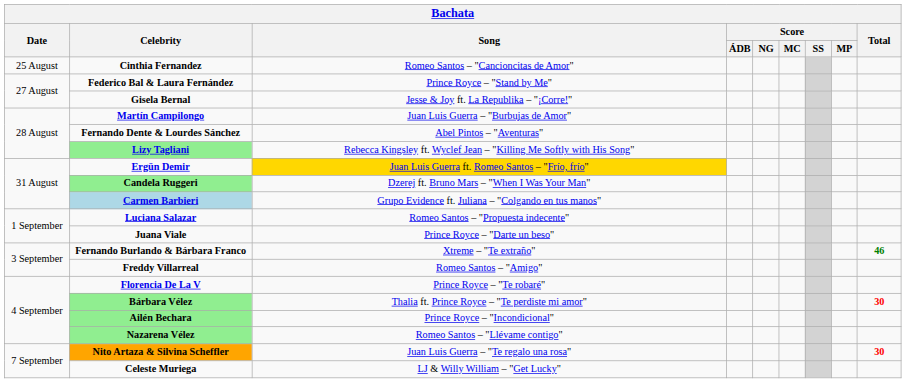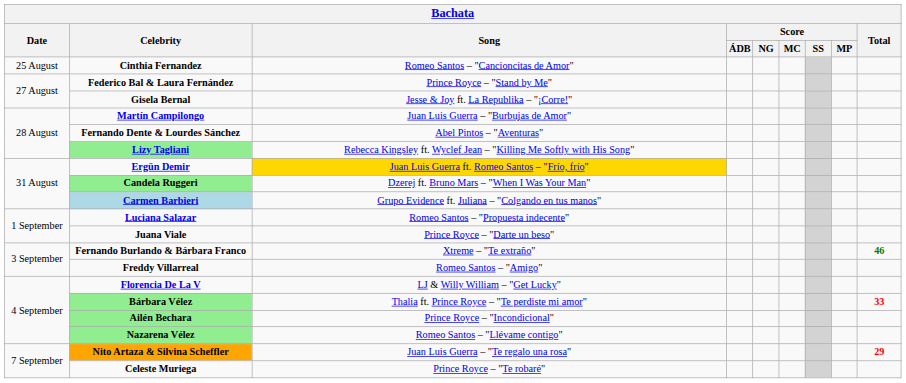 <table class="wikitable collapsible collapsed" style="font-size:90%; text-align: center; width: 100%;">
 <tr>
 <th colspan="11" style="with: 95%;" align=center><big><a href='#'>Bachata</a></big></th>
 </tr>
 <tr>
 <th width=85 rowspan="2">Date</th>
 <th width=250 rowspan="2">Celebrity</th>
 <th rowspan="2">Song</th>
 <th colspan="5">Score</th>
 <th rowspan="2">Total</th>
 </tr>
 <tr>
 <th width=30>ÁDB</th>
 <th width=30>NG</th>
 <th width=30>MC</th>
 <th width=30>SS</th>
 <th width=30>MP</th>
 </tr>
 <tr>
 <td rowspan=1>25 August</td>
 <td><strong>Cinthia Fernandez</strong></td>
 <td><a href='#'>Romeo Santos</a> – "<a href='#'>Cancioncitas de Amor</a>"</td>
 <td></td>
 <td></td>
 <td></td>
 <td bgcolor="lightgray"></td>
 <td></td>
 <td></td>
 </tr>
 <tr>
 <td rowspan=2>27 August</td>
 <td><strong>Federico Bal & Laura Fernández</strong></td>
 <td><a href='#'>Prince Royce</a> – "<a href='#'>Stand by Me</a>"</td>
 <td></td>
 <td></td>
 <td></td>
 <td bgcolor="lightgray"></td>
 <td></td>
 <td></td>
 </tr>
 <tr>
 <td><strong>Gisela Bernal</strong></td>
 <td><a href='#'>Jesse & Joy</a> ft. <a href='#'>La Republika</a> – "<a href='#'>¡Corre!</a>"</td>
 <td></td>
 <td></td>
 <td></td>
 <td bgcolor="lightgray"></td>
 <td></td>
 <td></td>
 </tr>
 <tr>
 <td rowspan=3>28 August</td>
 <td><strong><a href='#'>Martín Campilongo</a></strong></td>
 <td><a href='#'>Juan Luis Guerra</a> – "<a href='#'>Burbujas de Amor</a>"</td>
 <td></td>
 <td></td>
 <td></td>
 <td bgcolor="lightgray"></td>
 <td></td>
 <td></td>
 </tr>
 <tr>
 <td><strong>Fernando Dente & Lourdes Sánchez</strong></td>
 <td><a href='#'>Abel Pintos</a> – "<a href='#'>Aventuras</a>"</td>
 <td></td>
 <td></td>
 <td></td>
 <td bgcolor="lightgray"></td>
 <td></td>
 <td></td>
 </tr>
 <tr>
 <td style="background:lightgreen;"><strong><a href='#'>Lizy Tagliani</a></strong></td>
 <td><a href='#'>Rebecca Kingsley</a> ft. <a href='#'>Wyclef Jean</a> – "<a href='#'>Killing Me Softly with His Song</a>"</td>
 <td></td>
 <td></td>
 <td></td>
 <td bgcolor="lightgray"></td>
 <td></td>
 <td></td>
 </tr>
 <tr>
 <td rowspan=3>31 August</td>
 <td><strong><a href='#'>Ergün Demir</a></strong></td>
 <td style="background: gold;"><a href='#'>Juan Luis Guerra</a> ft. <a href='#'>Romeo Santos</a> – "<a href='#'>Frío, frío</a>"</td>
 <td></td>
 <td></td>
 <td></td>
 <td bgcolor="lightgray"></td>
 <td></td>
 <td></td>
 </tr>
 <tr>
 <td style="background:lightgreen;"><strong>Candela Ruggeri</strong></td>
 <td><a href='#'>Dzerej</a> ft. <a href='#'>Bruno Mars</a> – "<a href='#'>When I Was Your Man</a>"</td>
 <td></td>
 <td></td>
 <td></td>
 <td bgcolor="lightgray"></td>
 <td></td>
 <td></td>
 </tr>
 <tr>
 <td style="background:lightblue;"><strong><a href='#'>Carmen Barbieri</a></strong></td>
 <td><a href='#'>Grupo Evidence</a> ft. <a href='#'>Juliana</a> – "<a href='#'>Colgando en tus manos</a>"</td>
 <td></td>
 <td></td>
 <td></td>
 <td bgcolor="lightgray"></td>
 <td></td>
 <td></td>
 </tr>
 <tr>
 <td rowspan=2>1 September</td>
 <td><strong><a href='#'>Luciana Salazar</a></strong></td>
 <td><a href='#'>Romeo Santos</a> – "<a href='#'>Propuesta indecente</a>"</td>
 <td></td>
 <td></td>
 <td></td>
 <td bgcolor="lightgray"></td>
 <td></td>
 <td></td>
 </tr>
 <tr>
 <td><strong>Juana Viale</strong></td>
 <td><a href='#'>Prince Royce</a> – "<a href='#'>Darte un beso</a>"</td>
 <td></td>
 <td></td>
 <td></td>
 <td bgcolor="lightgray"></td>
 <td></td>
 <td></td>
 </tr>
 <tr>
 <td rowspan=2>3 September</td>
 <td><strong>Fernando Burlando & Bárbara Franco</strong></td>
 <td><a href='#'>Xtreme</a> – "<a href='#'>Te extraño</a>"</td>
 <td></td>
 <td></td>
 <td></td>
 <td bgcolor="lightgray"></td>
 <td></td>
 <td style="text-align:center; color:green;"><strong>46</strong></td>
 </tr>
 <tr>
 <td><strong>Freddy Villarreal</strong></td>
 <td><a href='#'>Romeo Santos</a> – "<a href='#'>Amigo</a>"</td>
 <td></td>
 <td></td>
 <td></td>
 <td bgcolor="lightgray"></td>
 <td></td>
 <td></td>
 </tr>
 <tr>
 <td rowspan=4>4 September</td>
 <td><strong><a href='#'>Florencia De La V</a></strong></td>
-<td><a href='#'>Prince Royce</a> – "<a href='#'>Te robaré</a>"</td>
+<td><a href='#'>LJ</a> & <a href='#'>Willy William</a> – "<a href='#'>Get Lucky</a>"</td>
 <td></td>
 <td></td>
 <td></td>
 <td bgcolor="lightgray"></td>
 <td></td>
 <td></td>
 </tr>
 <tr>
 <td style="background:lightgreen;"><strong>Bárbara Vélez</strong></td>
 <td><a href='#'>Thalia</a> ft. <a href='#'>Prince Royce</a> – "<a href='#'>Te perdiste mi amor</a>"</td>
 <td></td>
 <td></td>
 <td></td>
 <td bgcolor="lightgray"></td>
 <td></td>
-<td style="text-align:center; color:red;"><strong>30</strong></td>
+<td style="text-align:center; color:red;"><strong>33</strong></td>
 </tr>
 <tr>
 <td style="background:lightgreen;"><strong>Ailén Bechara</strong></td>
 <td><a href='#'>Prince Royce</a> – "<a href='#'>Incondicional</a>"</td>
 <td></td>
 <td></td>
 <td></td>
 <td bgcolor="lightgray"></td>
 <td></td>
 <td></td>
 </tr>
 <tr>
 <td style="background:lightgreen;"><strong>Nazarena Vélez</strong></td>
 <td><a href='#'>Romeo Santos</a> – "<a href='#'>Llévame contigo</a>"</td>
 <td></td>
 <td></td>
 <td></td>
 <td bgcolor="lightgray"></td>
 <td></td>
 <td></td>
 </tr>
 <tr>
 <td rowspan=2>7 September</td>
 <td style="background:Orange;"><strong>Nito Artaza & Silvina Scheffler</strong></td>
 <td><a href='#'>Juan Luis Guerra</a> – "<a href='#'>Te regalo una rosa</a>"</td>
 <td></td>
 <td></td>
 <td></td>
 <td bgcolor="lightgray"></td>
 <td></td>
-<td style="text-align:center; color:red;"><strong>30</strong></td>
+<td style="text-align:center; color:red;"><strong>29</strong></td>
 </tr>
 <tr>
 <td><strong>Celeste Muriega</strong></td>
-<td><a href='#'>LJ</a> & <a href='#'>Willy William</a> – "<a href='#'>Get Lucky</a>"</td>
+<td><a href='#'>Prince Royce</a> – "<a href='#'>Te robaré</a>"</td>
 <td></td>
 <td></td>
 <td></td>
 <td bgcolor="lightgray"></td>
 <td></td>
 <td></td>
 </tr>
 </table>
